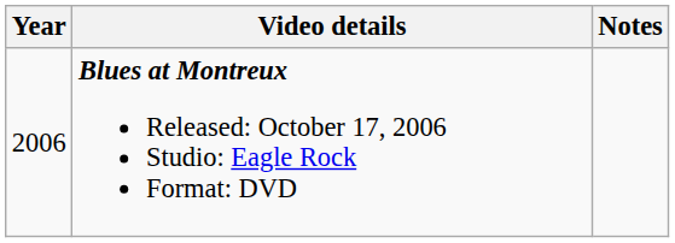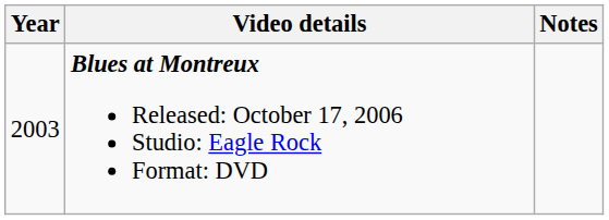 <table class="wikitable">
 <tr>
 <th style="text-align:center;">Year</th>
 <th style="text-align:center; width:300px;">Video details</th>
 <th>Notes</th>
 </tr>
 <tr>
-<td>2006</td>
+<td>2003</td>
 <td><strong><em>Blues at Montreux</em></strong><br><ul><li>Released: October 17, 2006</li><li>Studio: <a href='#'>Eagle Rock</a></li><li>Format: DVD</li></ul></td>
 <td></td>
 </tr>
 </table>
